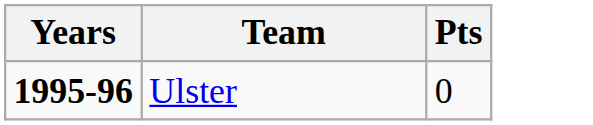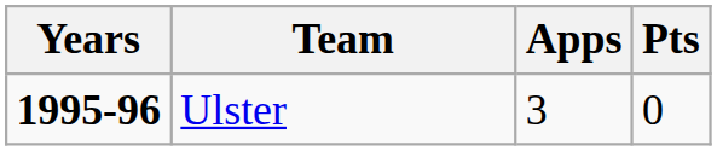 <table class="wikitable" style="text-align:left;">
 <tr>
 <th>Years</th>
 <th width=120px>Team</th>
+<th>Apps</th>
 <th>Pts</th>
 </tr>
 <tr>
 <td><strong>1995-96</strong></td>
 <td><a href='#'>Ulster</a></td>
+<td>3</td>
 <td>0</td>
 </tr>
 </table>
